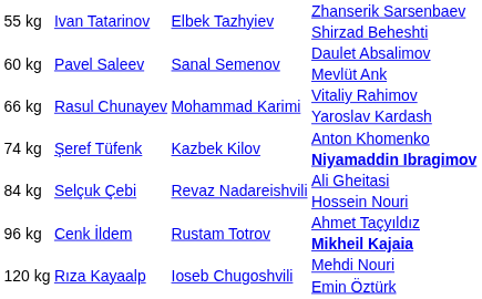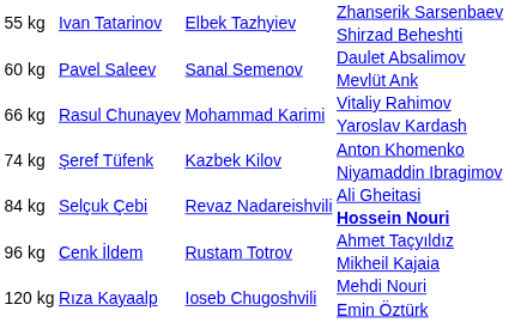 <table>
 <tr>
 <td rowspan=2>55 kg</td>
 <td rowspan=2> <a href='#'>Ivan Tatarinov</a></td>
 <td rowspan=2> <a href='#'>Elbek Tazhyiev</a></td>
 <td> <a href='#'>Zhanserik Sarsenbaev</a></td>
 </tr>
 <tr>
 <td> <a href='#'>Shirzad Beheshti</a></td>
 </tr>
 <tr>
 <td rowspan=2>60 kg</td>
 <td rowspan=2> <a href='#'>Pavel Saleev</a></td>
 <td rowspan=2> <a href='#'>Sanal Semenov</a></td>
 <td> <a href='#'>Daulet Absalimov</a></td>
 </tr>
 <tr>
 <td> <a href='#'>Mevlüt Ank</a></td>
 </tr>
 <tr>
 <td rowspan=2>66 kg</td>
 <td rowspan=2> <a href='#'>Rasul Chunayev</a></td>
 <td rowspan=2> <a href='#'>Mohammad Karimi</a></td>
 <td> <a href='#'>Vitaliy Rahimov</a></td>
 </tr>
 <tr>
 <td> <a href='#'>Yaroslav Kardash</a></td>
 </tr>
 <tr>
 <td rowspan=2>74 kg</td>
 <td rowspan=2> <a href='#'>Şeref Tüfenk</a></td>
 <td rowspan=2> <a href='#'>Kazbek Kilov</a></td>
 <td> <a href='#'>Anton Khomenko</a></td>
 </tr>
 <tr>
-<td><strong> <a href='#'>Niyamaddin Ibragimov</a></strong></td>
+<td> <a href='#'>Niyamaddin Ibragimov</a></td>
 </tr>
 <tr>
 <td rowspan=2>84 kg</td>
 <td rowspan=2> <a href='#'>Selçuk Çebi</a></td>
 <td rowspan=2> <a href='#'>Revaz Nadareishvili</a></td>
 <td> <a href='#'>Ali Gheitasi</a></td>
 </tr>
 <tr>
-<td> <a href='#'>Hossein Nouri</a></td>
+<td><strong> <a href='#'>Hossein Nouri</a></strong></td>
 </tr>
 <tr>
 <td rowspan=2>96 kg</td>
 <td rowspan=2> <a href='#'>Cenk İldem</a></td>
 <td rowspan=2> <a href='#'>Rustam Totrov</a></td>
 <td> <a href='#'>Ahmet Taçyıldız</a></td>
 </tr>
 <tr>
-<td><strong> <a href='#'>Mikheil Kajaia</a></strong></td>
+<td> <a href='#'>Mikheil Kajaia</a></td>
 </tr>
 <tr>
 <td rowspan=2>120 kg</td>
 <td rowspan=2> <a href='#'>Rıza Kayaalp</a></td>
 <td rowspan=2> <a href='#'>Ioseb Chugoshvili</a></td>
 <td> <a href='#'>Mehdi Nouri</a></td>
 </tr>
 <tr>
 <td> <a href='#'>Emin Öztürk</a></td>
 </tr>
 <tr>
 </tr>
 </table>
